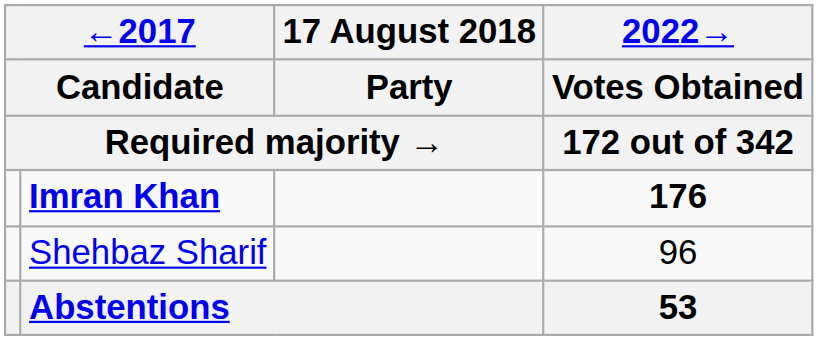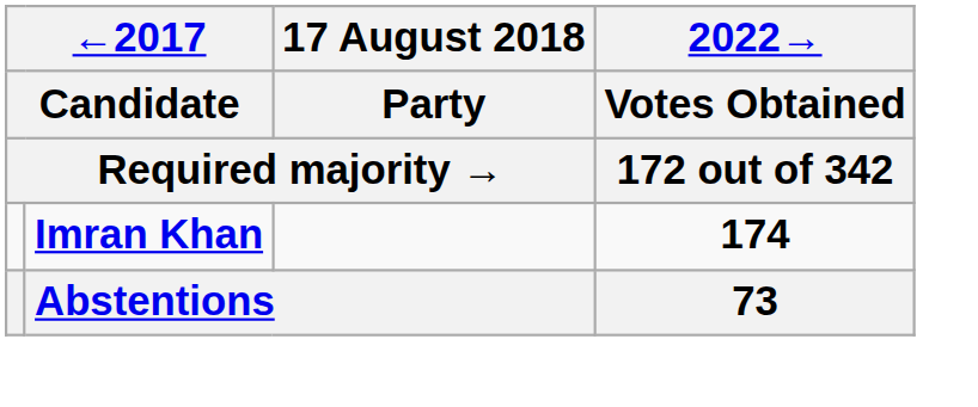 <table class="wikitable">
 <tr>
 <th colspan=2><a href='#'>←2017</a></th>
 <th>17 August 2018</th>
 <th><a href='#'>2022→</a></th>
 </tr>
 <tr>
 <th colspan=2>Candidate</th>
 <th>Party</th>
 <th>Votes Obtained</th>
 </tr>
 <tr>
 <th colspan=3>Required majority →</th>
 <th>172 out of 342</th>
 </tr>
 <tr>
 <td style="color:inherit;background:"></td>
 <td><strong><a href='#'>Imran Khan</a></strong></td>
 <td></td>
-<td style="text-align:center;"><strong>176</strong> </td>
-</tr>
-<tr>
-<td style="color:inherit;background:"></td>
-<td><a href='#'>Shehbaz Sharif</a></td>
-<td></td>
-<td style="text-align:center;">96 </td>
+<td style="text-align:center;"><strong>174</strong> </td>
 </tr>
 <tr class=sortbottom style="background:#f2f2f2; font-weight:bold">
 <td></td>
 <td colspan=2><a href='#'>Abstentions</a></td>
-<td style="text-align:center;">53</td>
+<td style="text-align:center;">73</td>
 </tr>
 </table>
